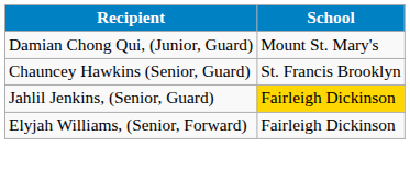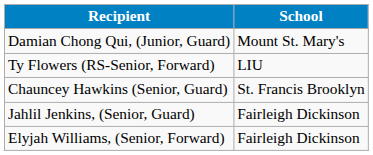 <table class="wikitable" border="1">
 <tr>
 <th align="center" style="background:#0081C4; color:#FFFFFF;">Recipient</th>
 <th align="center" style="background:#0081C4; color:#FFFFFF;">School</th>
 </tr>
 <tr>
 <td>Damian Chong Qui, (Junior, Guard)</td>
 <td>Mount St. Mary's</td>
 </tr>
 <tr>
+<td>Ty Flowers (RS-Senior, Forward)</td>
+<td>LIU</td>
+</tr>
+<tr>
 <td>Chauncey Hawkins (Senior, Guard)</td>
 <td>St. Francis Brooklyn</td>
 </tr>
 <tr>
 <td>Jahlil Jenkins, (Senior, Guard)</td>
-<td style="background: gold;">Fairleigh Dickinson</td>
+<td>Fairleigh Dickinson</td>
 </tr>
 <tr>
 <td>Elyjah Williams, (Senior, Forward)</td>
 <td>Fairleigh Dickinson</td>
 </tr>
 </table>
